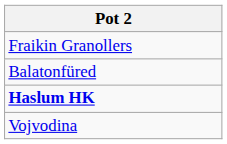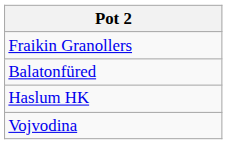 <table class="wikitable" style="float:left; margin-right:1em;">
 <tr>
 <th width=200>Pot 2</th>
 </tr>
 <tr>
 <td> <a href='#'>Fraikin Granollers</a></td>
 </tr>
 <tr>
 <td> <a href='#'>Balatonfüred</a></td>
 </tr>
 <tr>
-<td><strong> <a href='#'>Haslum HK</a></strong></td>
+<td> <a href='#'>Haslum HK</a></td>
 </tr>
 <tr>
 <td> <a href='#'>Vojvodina</a></td>
 </tr>
 </table>
